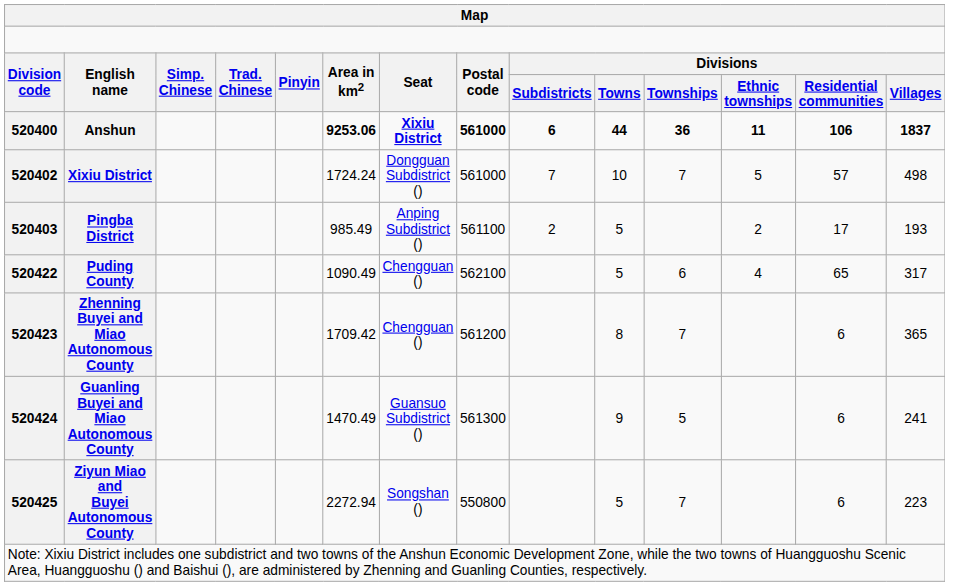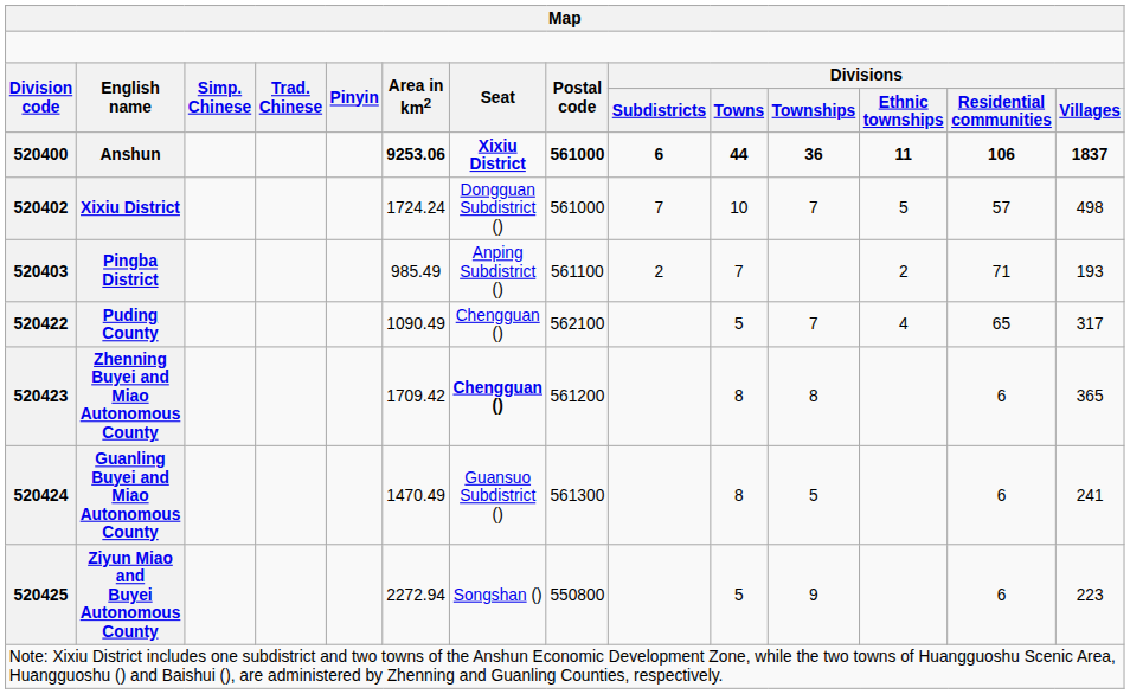 <table class="wikitable" align="center" style="width:90%; font-size:smaller" border="1">
 <tr>
 <th colspan=14><strong>Map</strong></th>
 </tr>
 <tr>
 <td colspan=14 align="center" style="font-size:larger"><div><br>         </div></td>
 </tr>
 <tr>
 <th ! scope="col" rowspan=2><a href='#'>Division code</a></th>
 <th ! scope="col" rowspan=2>English name</th>
 <th ! scope="col" rowspan=2><a href='#'>Simp. Chinese</a></th>
 <th ! scope="col" rowspan=2><a href='#'>Trad. Chinese</a></th>
 <th ! scope="col" rowspan=2><a href='#'>Pinyin</a></th>
 <th ! scope="col" rowspan=2>Area in km<sup>2</sup></th>
 <th ! scope="col" rowspan=2>Seat</th>
 <th ! scope="col" rowspan=2>Postal code</th>
 <th ! scope="col" colspan=6>Divisions</th>
 </tr>
 <tr>
 <th ! scope="col" width="45"><a href='#'>Subdistricts</a></th>
 <th ! scope="col" width="45"><a href='#'>Towns</a></th>
 <th ! scope="col" width="45"><a href='#'>Townships</a></th>
 <th ! scope="col" width="45"><a href='#'>Ethnic townships</a></th>
 <th ! scope="col" width="45"><a href='#'>Residential communities</a></th>
 <th ! scope="col" width="45"><a href='#'>Villages</a></th>
 </tr>
 <tr align="center" style="font-weight:bold">
 <th>520400</th>
 <th>Anshun</th>
 <td></td>
 <td></td>
 <td></td>
 <td>9253.06</td>
 <td><a href='#'>Xixiu District</a></td>
 <td>561000</td>
 <td>6</td>
 <td>44</td>
 <td>36</td>
 <td>11</td>
 <td>106</td>
 <td>1837</td>
 </tr>
 <tr align="center">
 <th>520402</th>
 <th><a href='#'>Xixiu District</a></th>
 <td></td>
 <td></td>
 <td></td>
 <td>1724.24</td>
 <td><a href='#'>Dongguan Subdistrict</a> ()</td>
 <td>561000</td>
 <td>7</td>
 <td>10</td>
 <td>7</td>
 <td>5</td>
 <td>57</td>
 <td>498</td>
 </tr>
 <tr align="center">
 <th>520403</th>
 <th><a href='#'>Pingba District</a></th>
 <td></td>
 <td></td>
 <td></td>
 <td>985.49</td>
 <td><a href='#'>Anping Subdistrict</a> ()</td>
 <td>561100</td>
 <td>2</td>
-<td>5</td>
+<td>7</td>
 <td></td>
 <td>2</td>
-<td>17</td>
+<td>71</td>
 <td>193</td>
 </tr>
 <tr align="center">
 <th>520422</th>
 <th><a href='#'>Puding County</a></th>
 <td></td>
 <td></td>
 <td></td>
 <td>1090.49</td>
 <td><a href='#'>Chengguan</a> ()</td>
 <td>562100</td>
 <td></td>
 <td>5</td>
-<td>6</td>
+<td>7</td>
 <td>4</td>
 <td>65</td>
 <td>317</td>
 </tr>
 <tr align="center">
 <th>520423</th>
 <th><a href='#'>Zhenning Buyei and <br>Miao Autonomous County</a></th>
 <td></td>
 <td></td>
 <td></td>
 <td>1709.42</td>
-<td><a href='#'>Chengguan</a> ()</td>
+<td><strong><a href='#'>Chengguan</a> ()</strong></td>
 <td>561200</td>
 <td></td>
 <td>8</td>
-<td>7</td>
+<td>8</td>
 <td></td>
 <td>6</td>
 <td>365</td>
 </tr>
 <tr align="center">
 <th>520424</th>
 <th><a href='#'>Guanling Buyei and <br>Miao Autonomous County</a></th>
 <td></td>
 <td></td>
 <td></td>
 <td>1470.49</td>
 <td><a href='#'>Guansuo Subdistrict</a> ()</td>
 <td>561300</td>
 <td></td>
-<td>9</td>
+<td>8</td>
 <td>5</td>
 <td></td>
 <td>6</td>
 <td>241</td>
 </tr>
 <tr align="center">
 <th>520425</th>
 <th><a href='#'>Ziyun Miao and <br>Buyei Autonomous County</a></th>
 <td></td>
 <td></td>
 <td></td>
 <td>2272.94</td>
 <td><a href='#'>Songshan</a> ()</td>
 <td>550800</td>
 <td></td>
 <td>5</td>
-<td>7</td>
+<td>9</td>
 <td></td>
 <td>6</td>
 <td>223</td>
 </tr>
 <tr>
 <td colspan=14>Note: Xixiu District includes one subdistrict and two towns of the Anshun Economic Development Zone, while the two towns of Huangguoshu Scenic Area, Huangguoshu () and Baishui (), are administered by Zhenning and Guanling Counties, respectively.</td>
 </tr>
 </table>
